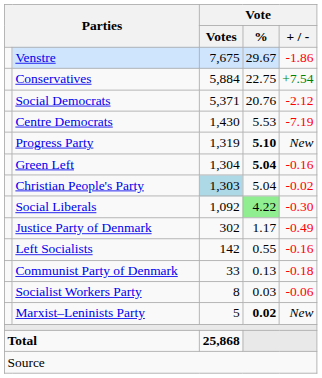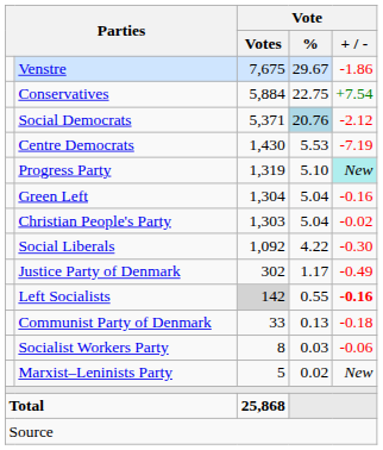 <table class="wikitable" style="text-align:right;">
 <tr>
 <th style="text-align:centre;" rowspan="2" colspan="2" width="225">Parties</th>
 <th colspan="3">Vote</th>
 </tr>
 <tr>
 <th width="15">Votes</th>
 <th width="15">%</th>
 <th width="15">+ / -</th>
 </tr>
 <tr>
 <td width="2" style="color:inherit;background:"></td>
 <td bgcolor=#cfe5fe  align="left"><a href='#'>Venstre</a></td>
 <td bgcolor=#cfe5fe>7,675</td>
 <td bgcolor=#cfe5fe>29.67</td>
 <td style=color:red;>-1.86</td>
 </tr>
 <tr>
 <td width="2" style="color:inherit;background:"></td>
 <td align="left"><a href='#'>Conservatives</a></td>
 <td>5,884</td>
 <td>22.75</td>
 <td style=color:green;>+7.54</td>
 </tr>
 <tr>
 <td width="2" style="color:inherit;background:"></td>
 <td align="left"><a href='#'>Social Democrats</a></td>
 <td>5,371</td>
-<td>20.76</td>
+<td style="background: lightblue;">20.76</td>
 <td style=color:red;>-2.12</td>
 </tr>
 <tr>
 <td width="2" style="color:inherit;background:"></td>
 <td align="left"><a href='#'>Centre Democrats</a></td>
 <td>1,430</td>
 <td>5.53</td>
 <td style=color:red;>-7.19</td>
 </tr>
 <tr>
 <td width="2" style="color:inherit;background:"></td>
 <td align="left"><a href='#'>Progress Party</a></td>
 <td>1,319</td>
-<td><strong>5.10</strong></td>
-<td><em>New</em></td>
+<td>5.10</td>
+<td style="background: paleturquoise;"><em>New</em></td>
 </tr>
 <tr>
 <td width="2" style="color:inherit;background:"></td>
 <td align="left"><a href='#'>Green Left</a></td>
 <td>1,304</td>
-<td><strong>5.04</strong></td>
+<td>5.04</td>
 <td style=color:red;>-0.16</td>
 </tr>
 <tr>
 <td width="2" style="color:inherit;background:"></td>
 <td align="left"><a href='#'>Christian People's Party</a></td>
-<td style="background: lightblue;">1,303</td>
+<td>1,303</td>
 <td>5.04</td>
 <td style=color:red;>-0.02</td>
 </tr>
 <tr>
 <td width="2" style="color:inherit;background:"></td>
 <td align="left"><a href='#'>Social Liberals</a></td>
 <td>1,092</td>
-<td style="background: lightgreen;">4.22</td>
+<td>4.22</td>
 <td style=color:red;>-0.30</td>
 </tr>
 <tr>
 <td width="2" style="color:inherit;background:"></td>
 <td align="left"><a href='#'>Justice Party of Denmark</a></td>
 <td>302</td>
 <td>1.17</td>
 <td style=color:red;>-0.49</td>
 </tr>
 <tr>
 <td width="2" style="color:inherit;background:"></td>
 <td align="left"><a href='#'>Left Socialists</a></td>
-<td>142</td>
+<td style="background: lightgrey;">142</td>
 <td>0.55</td>
-<td style=color:red;>-0.16</td>
+<td style=color:red;><strong>-0.16</strong></td>
 </tr>
 <tr>
 <td width="2" style="color:inherit;background:"></td>
 <td align="left"><a href='#'>Communist Party of Denmark</a></td>
 <td>33</td>
 <td>0.13</td>
 <td style=color:red;>-0.18</td>
 </tr>
 <tr>
 <td width="2" style="color:inherit;background:"></td>
 <td align="left"><a href='#'>Socialist Workers Party</a></td>
 <td>8</td>
 <td>0.03</td>
 <td style=color:red;>-0.06</td>
 </tr>
 <tr>
 <td width="2" style="color:inherit;background:"></td>
 <td align="left"><a href='#'>Marxist–Leninists Party</a></td>
 <td>5</td>
-<td><strong>0.02</strong></td>
+<td>0.02</td>
 <td><em>New</em></td>
 </tr>
 <tr>
 <td colspan="7" bgcolor="#E9E9E9"></td>
 </tr>
 <tr>
 <td align="left" colspan="2"><strong>Total</strong></td>
 <td><strong>25,868</strong></td>
 <td bgcolor="#E9E9E9" colspan="2"></td>
 </tr>
 <tr>
 <td align="left" colspan="6">Source</td>
 </tr>
 </table>
